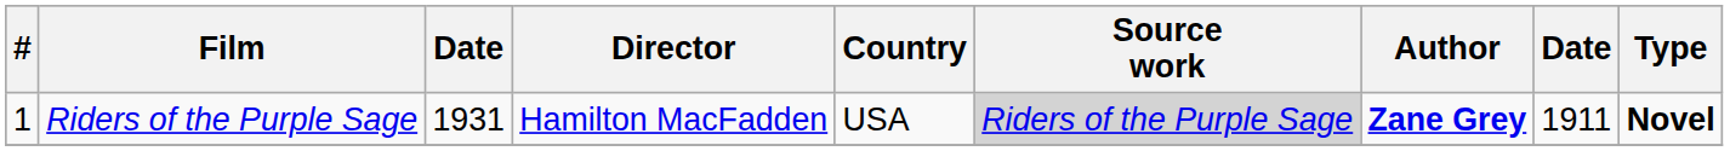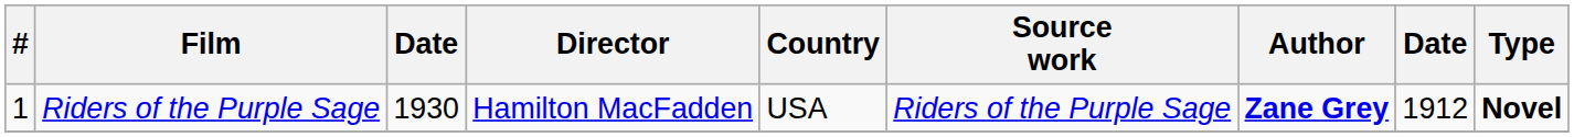 <table class="wikitable">
 <tr>
 <th>#</th>
 <th>Film</th>
 <th>Date</th>
 <th>Director</th>
 <th>Country</th>
 <th>Source<br>work</th>
 <th>Author</th>
 <th>Date</th>
 <th>Type</th>
 </tr>
 <tr>
 <td>1</td>
 <td><em><a href='#'>Riders of the Purple Sage</a></em></td>
-<td>1931</td>
+<td>1930</td>
 <td><a href='#'>Hamilton MacFadden</a></td>
 <td>USA</td>
-<td style="background: lightgrey;"><em><a href='#'>Riders of the Purple Sage</a></em></td>
+<td><em><a href='#'>Riders of the Purple Sage</a></em></td>
 <td><strong><a href='#'>Zane Grey</a></strong></td>
-<td>1911</td>
+<td>1912</td>
 <td><strong>Novel</strong></td>
 </tr>
 <tr>
 </tr>
 </table>
